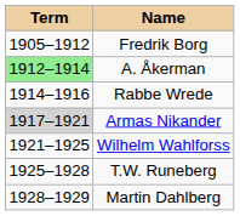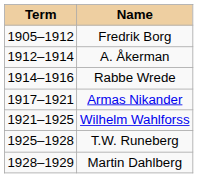 <table class="wikitable">
 <tr>
 <th align="center" style="background:#EECFA1">Term</th>
 <th style="background:#EECFA1">Name</th>
 </tr>
 <tr>
 <td align="left">1905–1912</td>
 <td colspan="3" align="center">Fredrik Borg</td>
 </tr>
 <tr>
-<td align="left" style="background: lightgreen;">1912–1914</td>
+<td align="left">1912–1914</td>
 <td colspan="3" align="center">A. Åkerman</td>
 </tr>
 <tr>
 <td align="left">1914–1916</td>
 <td colspan="3" align="center">Rabbe Wrede</td>
 </tr>
 <tr>
-<td align="left" style="background: lightgrey;">1917–1921</td>
+<td align="left">1917–1921</td>
 <td colspan="3" align="center"><a href='#'>Armas Nikander</a></td>
 </tr>
 <tr>
 <td align="left">1921–1925</td>
 <td colspan="3" align="center"><a href='#'>Wilhelm Wahlforss</a></td>
 </tr>
 <tr>
 <td align="left">1925–1928</td>
 <td colspan="3" align="center">T.W. Runeberg</td>
 </tr>
 <tr>
 <td align="left">1928–1929</td>
 <td colspan="3" align="center">Martin Dahlberg</td>
 </tr>
 </table>
